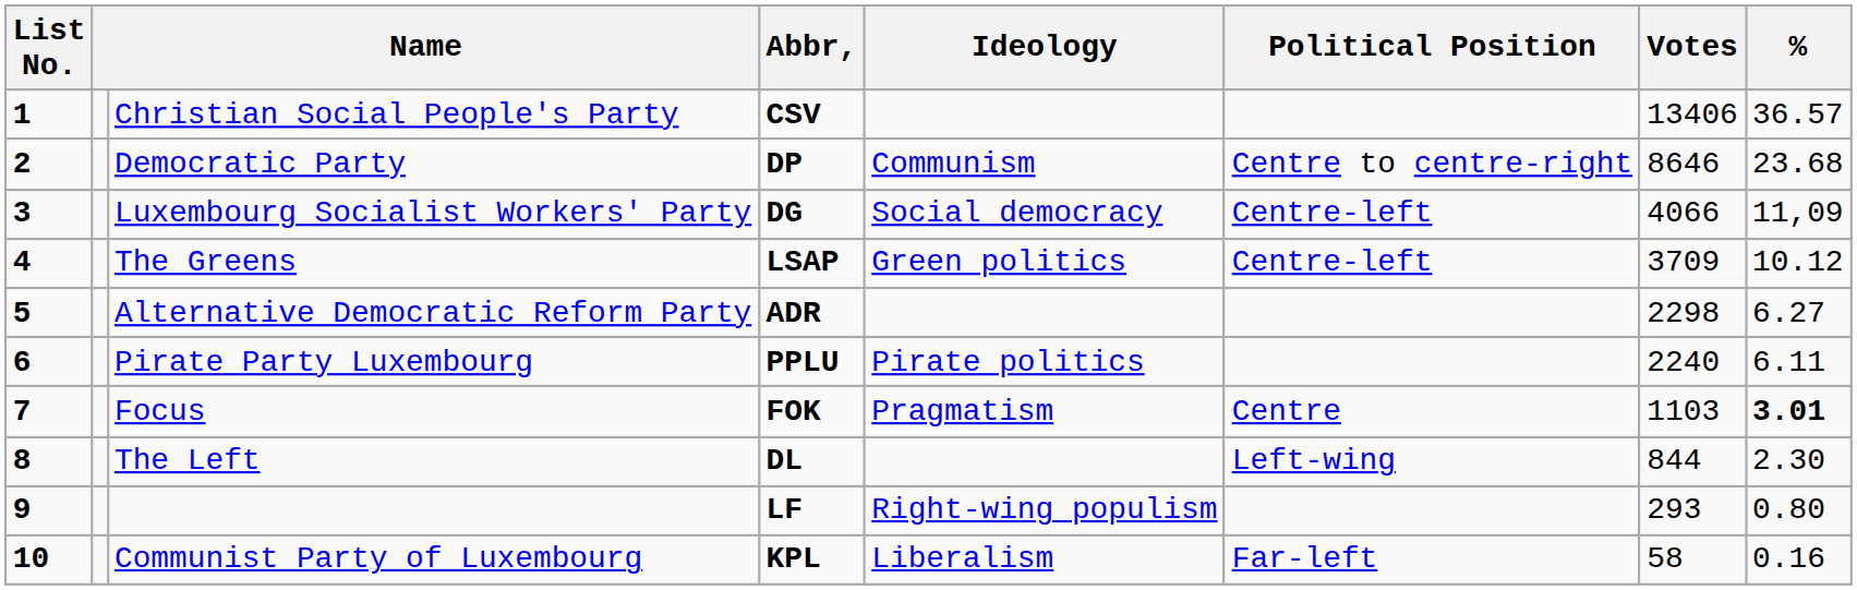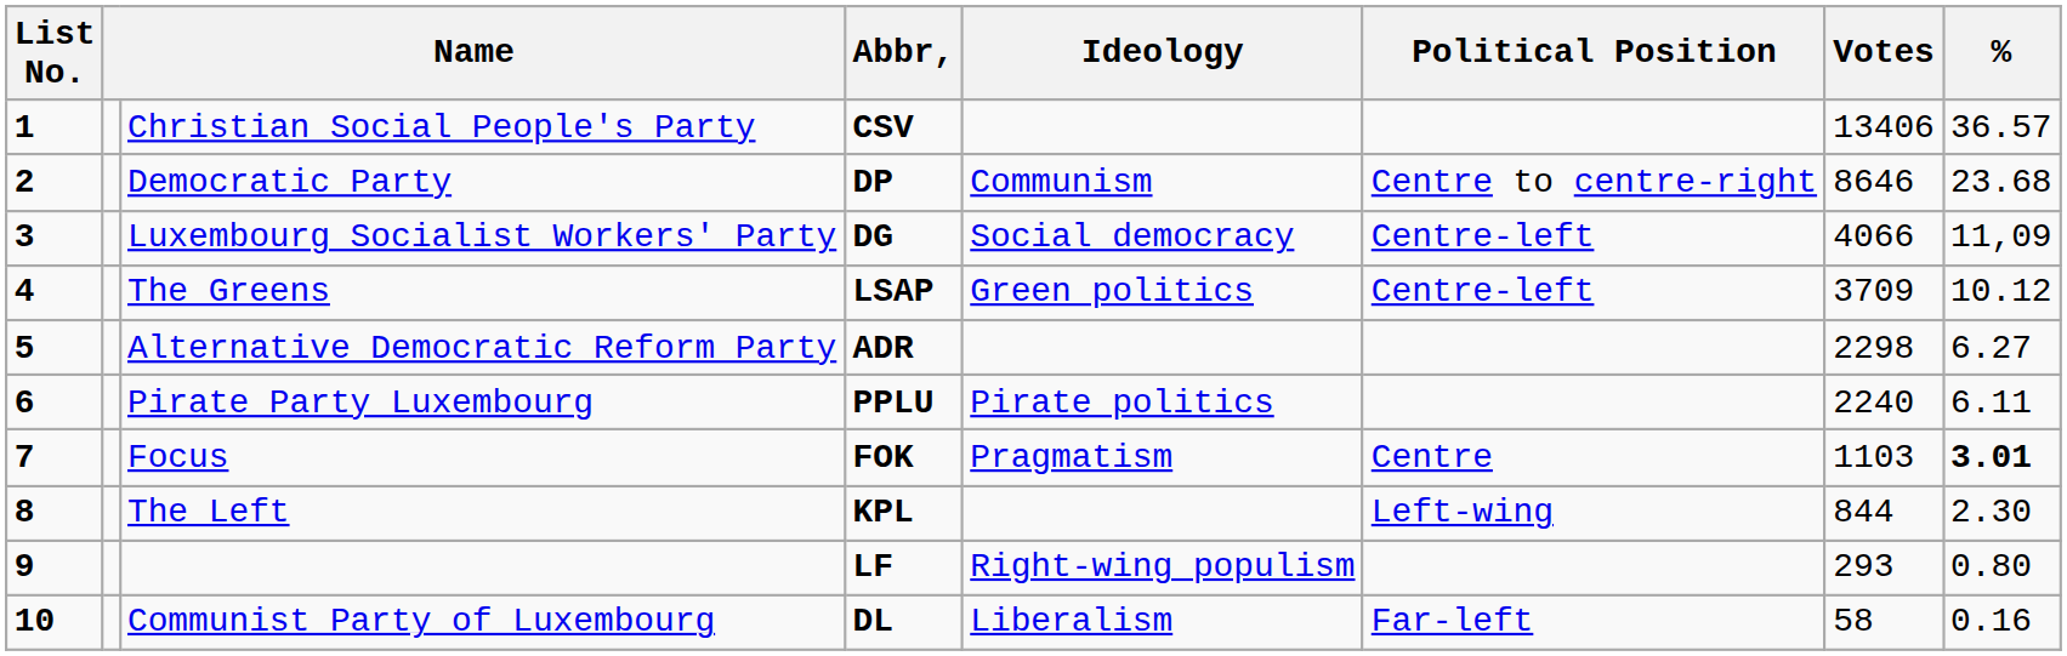 <table class="wikitable">
 <tr>
 <th>List<br>No.</th>
 <th colspan="2">Name</th>
 <th>Abbr,</th>
 <th>Ideology</th>
 <th>Political Position</th>
 <th>Votes</th>
 <th>%</th>
 </tr>
 <tr>
 <td><strong>1</strong></td>
 <td></td>
 <td><a href='#'>Christian Social People's Party</a><br></td>
 <td><strong>CSV</strong></td>
 <td></td>
 <td></td>
 <td>13406</td>
 <td>36.57</td>
 </tr>
 <tr>
 <td><strong>2</strong></td>
 <td></td>
 <td><a href='#'>Democratic Party</a><br></td>
 <td><strong>DP</strong></td>
 <td><a href='#'>Communism</a></td>
 <td><a href='#'>Centre</a> to <a href='#'>centre-right</a></td>
 <td>8646</td>
 <td>23.68</td>
 </tr>
 <tr>
 <td><strong>3</strong></td>
 <td></td>
 <td><a href='#'>Luxembourg Socialist Workers' Party</a><br></td>
 <td><strong>DG</strong></td>
 <td><a href='#'>Social democracy</a></td>
 <td><a href='#'>Centre-left</a></td>
 <td>4066</td>
 <td>11,09</td>
 </tr>
 <tr>
 <td><strong>4</strong></td>
 <td></td>
 <td><a href='#'>The Greens</a><br></td>
 <td><strong>LSAP</strong></td>
 <td><a href='#'>Green politics</a></td>
 <td><a href='#'>Centre-left</a></td>
 <td>3709</td>
 <td>10.12</td>
 </tr>
 <tr>
 <td><strong>5</strong></td>
 <td></td>
 <td><a href='#'>Alternative Democratic Reform Party</a><br></td>
 <td><strong>ADR</strong></td>
 <td></td>
 <td></td>
 <td>2298</td>
 <td>6.27</td>
 </tr>
 <tr>
 <td><strong>6</strong></td>
 <td></td>
 <td><a href='#'>Pirate Party Luxembourg</a><br></td>
 <td><strong>PPLU</strong></td>
 <td><a href='#'>Pirate politics</a></td>
 <td></td>
 <td>2240</td>
 <td>6.11</td>
 </tr>
 <tr>
 <td><strong>7</strong></td>
 <td></td>
 <td><a href='#'>Focus</a><br></td>
 <td><strong>FOK</strong></td>
 <td><a href='#'>Pragmatism</a></td>
 <td><a href='#'>Centre</a></td>
 <td>1103</td>
 <td><strong>3.01</strong></td>
 </tr>
 <tr>
 <td><strong>8</strong></td>
 <td></td>
 <td><a href='#'>The Left</a><br></td>
-<td><strong>DL</strong></td>
+<td><strong>KPL</strong></td>
 <td></td>
 <td><a href='#'>Left-wing</a></td>
 <td>844</td>
 <td>2.30</td>
 </tr>
 <tr>
 <td><strong>9</strong></td>
 <td></td>
 <td><br></td>
 <td><strong>LF</strong></td>
 <td><a href='#'>Right-wing populism</a></td>
 <td></td>
 <td>293</td>
 <td>0.80</td>
 </tr>
 <tr>
 <td><strong>10</strong></td>
 <td></td>
 <td><a href='#'>Communist Party of Luxembourg</a><br></td>
-<td><strong>KPL</strong></td>
+<td><strong>DL</strong></td>
 <td><a href='#'>Liberalism</a></td>
 <td><a href='#'>Far-left</a></td>
 <td>58</td>
 <td>0.16</td>
 </tr>
 </table>
